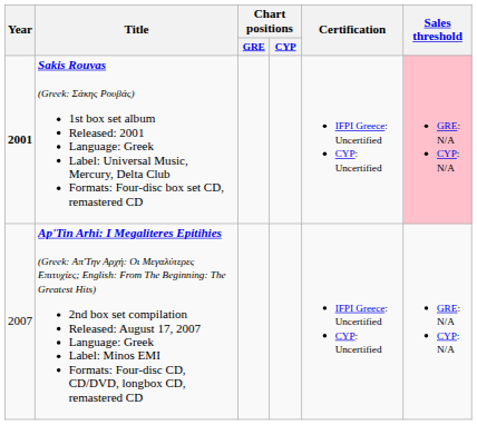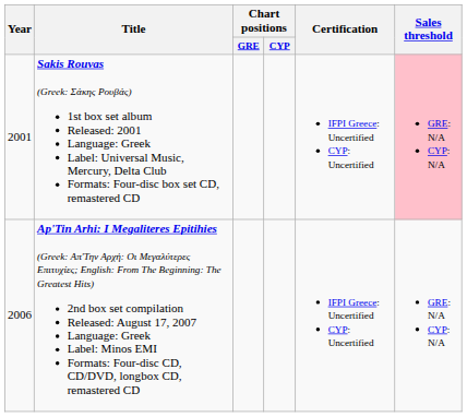 <table class="wikitable">
 <tr>
 <th rowspan="2">Year</th>
 <th rowspan="2">Title</th>
 <th colspan="2">Chart positions</th>
 <th rowspan="2">Certification</th>
 <th rowspan="2"><a href='#'>Sales threshold</a></th>
 </tr>
 <tr style="font-size:smaller;">
 <th width="35"><a href='#'>GRE</a></th>
 <th width="35"><a href='#'>CYP</a></th>
 </tr>
 <tr>
-<td style="text-align:center;"><strong>2001</strong></td>
+<td style="text-align:center;">2001</td>
 <td><strong><em><a href='#'>Sakis Rouvas</a></em></strong>  <br><br><em><small>(Greek: Σάκης Ρουβάς)</small></em><ul><li>1st box set album</li><li>Released: 2001</li><li>Language: Greek</li><li>Label: Universal Music, Mercury, Delta Club</li><li>Formats: Four-disc box set CD, remastered CD</li></ul></td>
 <td style="text-align:center;"></td>
 <td style="text-align:center;"></td>
 <td align="left"><br><ul><li><small><a href='#'>IFPI Greece</a>: Uncertified</small></li><li><small><a href='#'>CYP</a>: Uncertified</small></li></ul></td>
 <td align="left" style="background: pink;"><br><ul><li><small><a href='#'>GRE</a>: N/A</small></li><li><small><a href='#'>CYP</a>: N/A</small></li></ul></td>
 </tr>
 <tr>
-<td style="text-align:center;">2007</td>
+<td style="text-align:center;">2006</td>
 <td><strong><em><a href='#'>Ap'Tin Arhi: I Megaliteres Epitihies</a></em></strong>  <br><br><em><small>(Greek: Απ'Την Αρχἠ: Οι Μεγαλύτερες Επιτυχίες; English: From The Beginning: The Greatest Hits)</small></em><ul><li>2nd box set compilation</li><li>Released: August 17, 2007</li><li>Language: Greek</li><li>Label: Minos EMI</li><li>Formats: Four-disc CD, CD/DVD, longbox CD, remastered CD</li></ul></td>
 <td style="text-align:center;"></td>
 <td style="text-align:center;"></td>
 <td align="left"><br><ul><li><small><a href='#'>IFPI Greece</a>: Uncertified</small></li><li><small><a href='#'>CYP</a>: Uncertified</small></li></ul></td>
 <td align="left"><br><ul><li><small><a href='#'>GRE</a>: N/A</small></li><li><small><a href='#'>CYP</a>: N/A</small></li></ul></td>
 </tr>
 </table>
